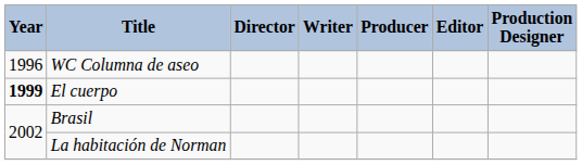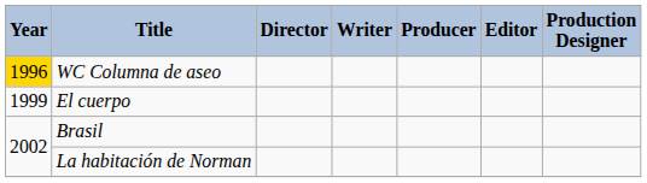 <table class="wikitable" ;>
 <tr style="text-align:center;">
 <th style="background:#B0C4DE;">Year</th>
 <th style="background:#B0C4DE;">Title</th>
 <th style="background:#B0C4DE;">Director</th>
 <th style="background:#B0C4DE;">Writer</th>
 <th style="background:#B0C4DE;">Producer</th>
 <th style="background:#B0C4DE;">Editor</th>
 <th style="background:#B0C4DE;">Production<br>Designer</th>
 </tr>
 <tr>
-<td>1996</td>
+<td style="background: gold;">1996</td>
 <td><em>WC Columna de aseo</em></td>
 <td></td>
 <td></td>
 <td></td>
 <td></td>
 <td></td>
 </tr>
 <tr>
-<td><strong>1999</strong></td>
+<td>1999</td>
 <td><em>El cuerpo</em></td>
 <td></td>
 <td></td>
 <td></td>
 <td></td>
 <td></td>
 </tr>
 <tr>
 <td rowspan="2">2002</td>
 <td><em>Brasil</em></td>
 <td></td>
 <td></td>
 <td></td>
 <td></td>
 <td></td>
 </tr>
 <tr>
 <td><em>La habitación de Norman</em></td>
 <td></td>
 <td></td>
 <td></td>
 <td></td>
 <td></td>
 </tr>
 <tr>
 </tr>
 </table>
